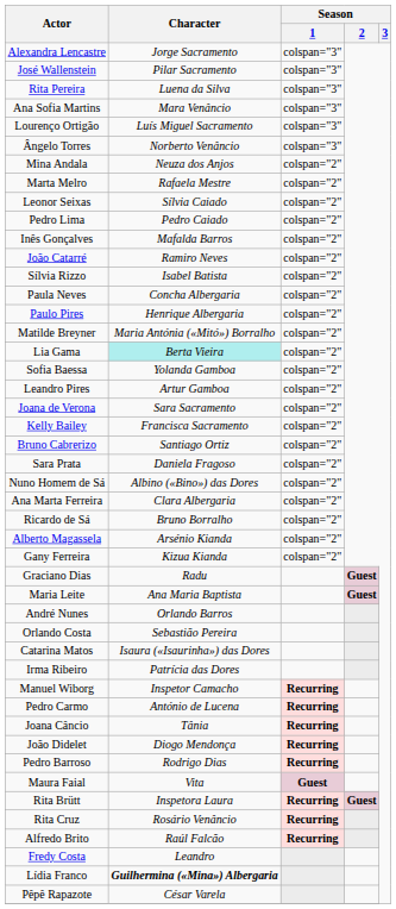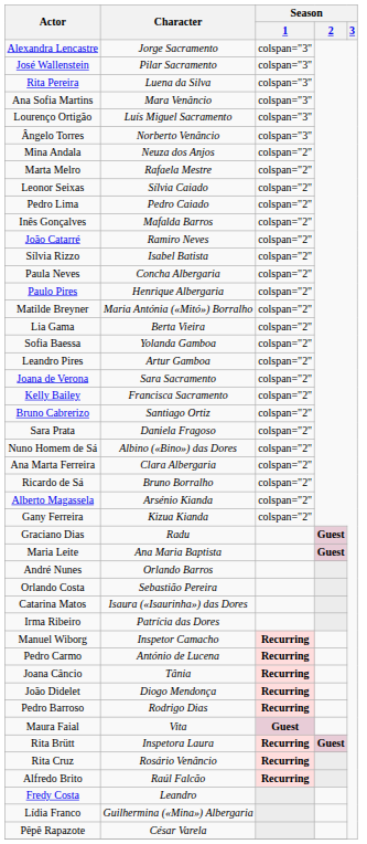 <table class="wikitable" style="text-align:center">
 <tr>
 <th rowspan="2">Actor</th>
 <th rowspan="2">Character</th>
 <th colspan="3">Season</th>
 </tr>
 <tr>
 <th><a href='#'>1</a></th>
 <th><a href='#'>2</a></th>
 <th><a href='#'>3</a></th>
 </tr>
 <tr>
 <td><a href='#'>Alexandra Lencastre</a></td>
 <td><em>Jorge Sacramento</em></td>
 <td>colspan="3" </td>
 </tr>
 <tr>
 <td><a href='#'>José Wallenstein</a></td>
 <td><em>Pilar Sacramento</em></td>
 <td>colspan="3" </td>
 </tr>
 <tr>
 <td><a href='#'>Rita Pereira</a></td>
 <td><em>Luena da Silva</em></td>
 <td>colspan="3" </td>
 </tr>
 <tr>
 <td>Ana Sofia Martins</td>
 <td><em>Mara Venâncio</em></td>
 <td>colspan="3" </td>
 </tr>
 <tr>
 <td>Lourenço Ortigão</td>
 <td><em>Luís Miguel Sacramento</em></td>
 <td>colspan="3" </td>
 </tr>
 <tr>
 <td>Ângelo Torres</td>
 <td><em>Norberto Venâncio</em></td>
 <td>colspan="3" </td>
 </tr>
 <tr>
 <td>Mina Andala</td>
 <td><em>Neuza dos Anjos</em></td>
 <td>colspan="2" </td>
 </tr>
 <tr>
 <td>Marta Melro</td>
 <td><em>Rafaela Mestre</em></td>
 <td>colspan="2" </td>
 </tr>
 <tr>
 <td>Leonor Seixas</td>
 <td><em>Sílvia Caiado</em></td>
 <td>colspan="2" </td>
 </tr>
 <tr>
 <td>Pedro Lima</td>
 <td><em>Pedro Caiado</em></td>
 <td>colspan="2" </td>
 </tr>
 <tr>
 <td>Inês Gonçalves</td>
 <td><em>Mafalda Barros</em></td>
 <td>colspan="2" </td>
 </tr>
 <tr>
 <td><a href='#'>João Catarré</a></td>
 <td><em>Ramiro Neves</em></td>
 <td>colspan="2" </td>
 </tr>
 <tr>
 <td>Sílvia Rizzo</td>
 <td><em>Isabel Batista</em></td>
 <td>colspan="2" </td>
 </tr>
 <tr>
 <td>Paula Neves</td>
 <td><em>Concha Albergaria</em></td>
 <td>colspan="2" </td>
 </tr>
 <tr>
 <td><a href='#'>Paulo Pires</a></td>
 <td><em>Henrique Albergaria</em></td>
 <td>colspan="2" </td>
 </tr>
 <tr>
 <td>Matilde Breyner</td>
 <td><em>Maria Antónia («Mitó») Borralho</em></td>
 <td>colspan="2" </td>
 </tr>
 <tr>
 <td>Lia Gama</td>
-<td style="background: paleturquoise;"><em>Berta Vieira</em></td>
+<td><em>Berta Vieira</em></td>
 <td>colspan="2" </td>
 </tr>
 <tr>
 <td>Sofia Baessa</td>
 <td><em>Yolanda Gamboa</em></td>
 <td>colspan="2" </td>
 </tr>
 <tr>
 <td>Leandro Pires</td>
 <td><em>Artur Gamboa</em></td>
 <td>colspan="2" </td>
 </tr>
 <tr>
 <td><a href='#'>Joana de Verona</a></td>
 <td><em>Sara Sacramento</em></td>
 <td>colspan="2" </td>
 </tr>
 <tr>
 <td><a href='#'>Kelly Bailey</a></td>
 <td><em>Francisca Sacramento</em></td>
 <td>colspan="2" </td>
 </tr>
 <tr>
 <td><a href='#'>Bruno Cabrerizo</a></td>
 <td><em>Santiago Ortiz</em></td>
 <td>colspan="2" </td>
 </tr>
 <tr>
 <td>Sara Prata</td>
 <td><em>Daniela Fragoso</em></td>
 <td>colspan="2" </td>
 </tr>
 <tr>
 <td>Nuno Homem de Sá</td>
 <td><em>Albino («Bino») das Dores</em></td>
 <td>colspan="2" </td>
 </tr>
 <tr>
 <td>Ana Marta Ferreira</td>
 <td><em>Clara Albergaria</em></td>
 <td>colspan="2" </td>
 </tr>
 <tr>
 <td>Ricardo de Sá</td>
 <td><em>Bruno Borralho</em></td>
 <td>colspan="2" </td>
 </tr>
 <tr>
 <td><a href='#'>Alberto Magassela</a></td>
 <td><em>Arsénio Kianda</em></td>
 <td>colspan="2" </td>
 </tr>
 <tr>
 <td>Gany Ferreira</td>
 <td><em>Kizua Kianda</em></td>
 <td>colspan="2" </td>
 </tr>
 <tr>
 <td>Graciano Dias</td>
 <td><em>Radu</em></td>
 <td></td>
 <td style="background: #E8CCD7"><strong>Guest</strong></td>
 </tr>
 <tr>
 <td>Maria Leite</td>
 <td><em>Ana Maria Baptista</em></td>
 <td></td>
 <td style="background: #E8CCD7"><strong>Guest</strong></td>
 </tr>
 <tr>
 <td>André Nunes</td>
 <td><em>Orlando Barros</em></td>
 <td></td>
 <td style="background: #ececec"></td>
 </tr>
 <tr>
 <td>Orlando Costa</td>
 <td><em>Sebastião Pereira</em></td>
 <td></td>
 <td style="background: #ececec"></td>
 </tr>
 <tr>
 <td>Catarina Matos</td>
 <td><em>Isaura («Isaurinha») das Dores</em></td>
 <td></td>
 <td style="background: #ececec"></td>
 </tr>
 <tr>
 <td>Irma Ribeiro</td>
 <td><em>Patrícia das Dores</em></td>
 <td></td>
 <td style="background: #ececec"></td>
 </tr>
 <tr>
 <td>Manuel Wiborg</td>
 <td><em>Inspetor Camacho</em></td>
 <td style="background: #ffdddd"><strong>Recurring</strong></td>
 <td></td>
 </tr>
 <tr>
 <td>Pedro Carmo</td>
 <td><em>António de Lucena</em></td>
 <td style="background: #ffdddd"><strong>Recurring</strong></td>
 <td></td>
 </tr>
 <tr>
 <td>Joana Câncio</td>
 <td><em>Tânia</em></td>
 <td style="background: #ffdddd"><strong>Recurring</strong></td>
 <td></td>
 </tr>
 <tr>
 <td>João Didelet</td>
 <td><em>Diogo Mendonça</em></td>
 <td style="background: #ffdddd"><strong>Recurring</strong></td>
 <td></td>
 </tr>
 <tr>
 <td>Pedro Barroso</td>
 <td><em>Rodrigo Dias</em></td>
 <td style="background: #ffdddd"><strong>Recurring</strong></td>
 <td></td>
 </tr>
 <tr>
 <td>Maura Faial</td>
 <td><em>Vita</em></td>
 <td style="background: #E8CCD7"><strong>Guest</strong></td>
 <td></td>
 </tr>
 <tr>
 <td>Rita Brütt</td>
 <td><em>Inspetora Laura</em></td>
 <td style="background: #ffdddd"><strong>Recurring</strong></td>
 <td style="background: #E8CCD7"><strong>Guest</strong></td>
 </tr>
 <tr>
 <td>Rita Cruz</td>
 <td><em>Rosário Venâncio</em></td>
 <td style="background: #ffdddd"><strong>Recurring</strong></td>
 <td style="background: #ececec"></td>
 </tr>
 <tr>
 <td>Alfredo Brito</td>
 <td><em>Raúl Falcão</em></td>
 <td style="background: #ffdddd"><strong>Recurring</strong></td>
 <td style="background: #ececec"></td>
 </tr>
 <tr>
 <td><a href='#'>Fredy Costa</a></td>
 <td><em>Leandro</em></td>
 <td style="background: #ececec"></td>
 <td></td>
 </tr>
 <tr>
 <td>Lídia Franco</td>
-<td><strong><em>Guilhermina («Mina») Albergaria</em></strong></td>
+<td><em>Guilhermina («Mina») Albergaria</em></td>
 <td style="background: #ececec"></td>
 <td></td>
 </tr>
 <tr>
 <td>Pêpê Rapazote</td>
 <td><em>César Varela</em></td>
 <td style="background: #ececec"></td>
 <td></td>
 </tr>
 <tr>
 </tr>
 </table>
